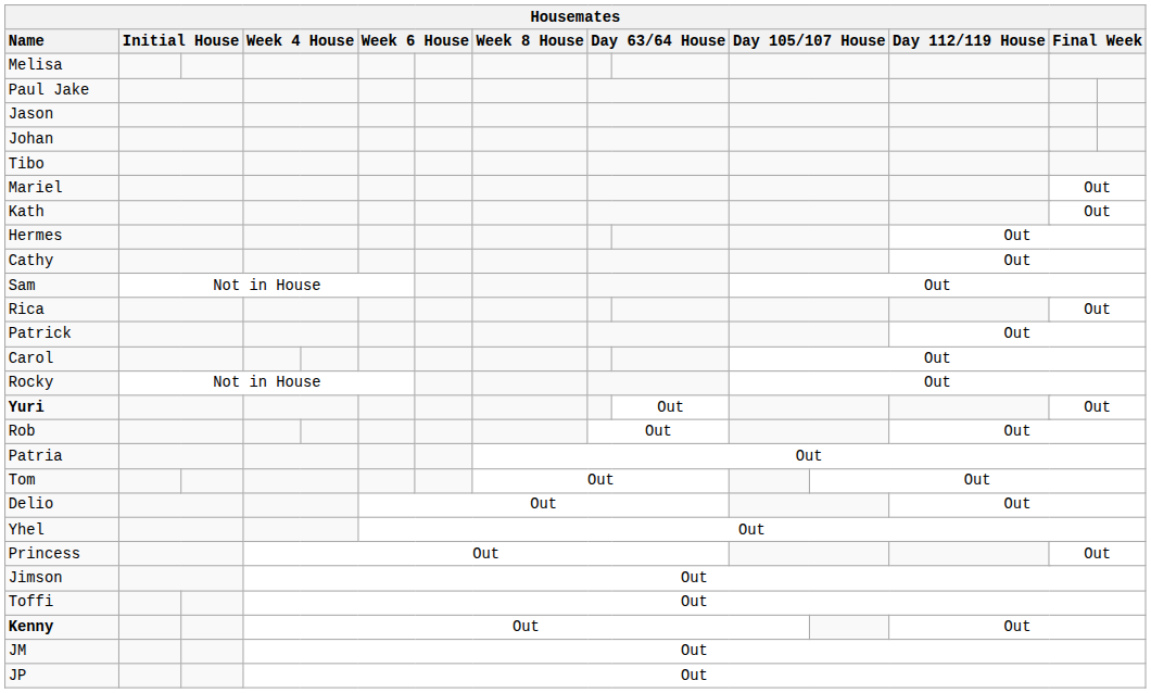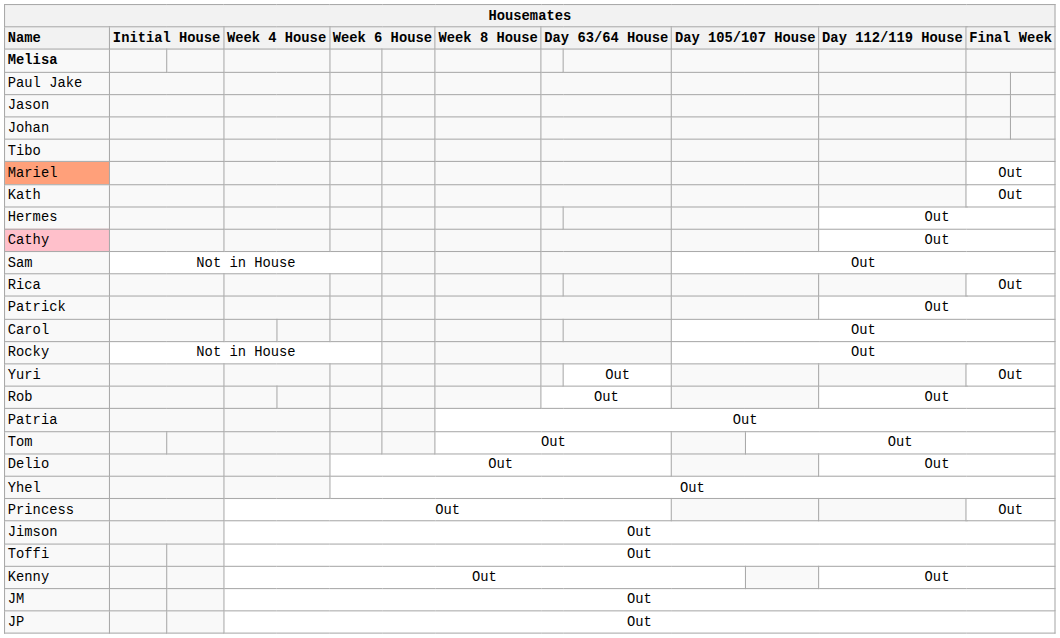 <table class="wikitable">
 <tr>
 <th colspan=16 class="unsortable">Housemates</th>
 </tr>
 <tr>
 <th style="text-align:left" width=10%>Name</th>
 <th style="text-align:center" colspan=2>Initial House</th>
 <th style="text-align:center" colspan=2>Week 4 House</th>
 <th style="text-align:center" colspan=2>Week 6 House</th>
 <th style="text-align:center">Week 8 House</th>
 <th style="text-align:center" colspan=2>Day 63/64 House</th>
 <th style="text-align:center" colspan=2>Day 105/107 House</th>
 <th style="text-align:center" colspan=2>Day 112/119 House</th>
 <th style="text-align:center" colspan=2>Final Week</th>
 </tr>
 <tr>
-<td>Melisa</td>
+<td><strong>Melisa</strong></td>
 <td align="center"></td>
 <td align="center"></td>
 <td align="center" colspan=2></td>
 <td align="center"></td>
 <td align="center"></td>
 <td align="center"></td>
 <td align="center"></td>
 <td align="center"></td>
 <td align="center" colspan=2></td>
 <td align="center" colspan=2></td>
 <td align="center" colspan=2></td>
 </tr>
 <tr>
 <td>Paul Jake</td>
 <td align="center" colspan=2></td>
 <td align="center" colspan=2></td>
 <td align="center"></td>
 <td align="center"></td>
 <td align="center"></td>
 <td align="center" colspan=2></td>
 <td align="center" colspan=2></td>
 <td align="center" colspan=2></td>
 <td align="center"></td>
 <td align="center"></td>
 </tr>
 <tr>
 <td>Jason</td>
 <td align="center" colspan=2></td>
 <td align="center" colspan=2></td>
 <td align="center"></td>
 <td align="center"></td>
 <td align="center"></td>
 <td align="center" colspan=2></td>
 <td align="center" colspan=2></td>
 <td align="center" colspan=2></td>
 <td align="center"></td>
 <td align="center"></td>
 </tr>
 <tr>
 <td>Johan</td>
 <td align="center" colspan=2></td>
 <td align="center" colspan=2></td>
 <td align="center"></td>
 <td align="center"></td>
 <td align="center"></td>
 <td align="center" colspan=2></td>
 <td align="center" colspan=2></td>
 <td align="center" colspan=2></td>
 <td align="center"></td>
 <td align="center"></td>
 </tr>
 <tr>
 <td>Tibo</td>
 <td align="center" colspan=2></td>
 <td align="center" colspan=2></td>
 <td align="center"></td>
 <td align="center"></td>
 <td align="center"></td>
 <td align="center" colspan=2></td>
 <td align="center" colspan=2></td>
 <td align="center" colspan=2></td>
 <td align="center" colspan=2></td>
 </tr>
 <tr>
-<td>Mariel</td>
+<td style="background: lightsalmon;">Mariel</td>
 <td align="center" colspan=2></td>
 <td align="center" colspan=2></td>
 <td align="center"></td>
 <td align="center"></td>
 <td align="center"></td>
 <td align="center" colspan=2></td>
 <td align="center" colspan=2></td>
 <td align="center" colspan=2></td>
 <td align="center" colspan=2 style="background:#fff;">Out</td>
 </tr>
 <tr>
 <td>Kath</td>
 <td align="center" colspan=2></td>
 <td align="center" colspan=2></td>
 <td align="center"></td>
 <td align="center"></td>
 <td align="center"></td>
 <td align="center" colspan=2></td>
 <td align="center" colspan=2></td>
 <td align="center" colspan=2></td>
 <td align="center" colspan=2 style="background:#fff;">Out</td>
 </tr>
 <tr>
 <td>Hermes</td>
 <td align="center" colspan=2></td>
 <td align="center" colspan=2></td>
 <td align="center"></td>
 <td align="center"></td>
 <td align="center"></td>
 <td align="center"></td>
 <td align="center"></td>
 <td align="center" colspan=2></td>
 <td align="center" colspan=4 style="background:#fff;">Out</td>
 </tr>
 <tr>
-<td>Cathy</td>
+<td style="background: pink;">Cathy</td>
 <td align="center" colspan=2></td>
 <td align="center" colspan=2></td>
 <td align="center"></td>
 <td align="center"></td>
 <td align="center"></td>
 <td align="center" colspan=2></td>
 <td align="center" colspan=2></td>
 <td align="center" colspan=4 style="background:#fff;">Out</td>
 </tr>
 <tr>
 <td>Sam</td>
 <td align="center" colspan=5 style="background:#fff;">Not in House</td>
 <td align="center"></td>
 <td align="center"></td>
 <td align="center" colspan=2></td>
 <td align="center" colspan=6 style="background:#fff;">Out</td>
 </tr>
 <tr>
 <td>Rica</td>
 <td align="center" colspan=2></td>
 <td align="center" colspan=2></td>
 <td align="center"></td>
 <td align="center"></td>
 <td align="center"></td>
 <td align="center"></td>
 <td align="center"></td>
 <td align="center" colspan=2></td>
 <td align="center" colspan=2></td>
 <td align="center" colspan=2 style="background:#fff;">Out</td>
 </tr>
 <tr>
 <td>Patrick</td>
 <td align="center" colspan=2></td>
 <td align="center" colspan=2></td>
 <td align="center"></td>
 <td align="center"></td>
 <td align="center"></td>
 <td align="center" colspan=2></td>
 <td align="center" colspan=2></td>
 <td align="center" colspan=4 style="background:#fff;">Out</td>
 </tr>
 <tr>
 <td>Carol</td>
 <td align="center" colspan=2></td>
 <td align="center"></td>
 <td align="center"></td>
 <td align="center"></td>
 <td align="center"></td>
 <td align="center"></td>
 <td align="center"></td>
 <td align="center"></td>
 <td align="center" colspan=6 style="background:#fff;">Out</td>
 </tr>
 <tr>
 <td>Rocky</td>
 <td align="center" colspan=5 style="background:#fff;">Not in House</td>
 <td align="center"></td>
 <td align="center"></td>
 <td align="center" colspan=2></td>
 <td align="center" colspan=6 style="background:#fff;">Out</td>
 </tr>
 <tr>
-<td><strong>Yuri</strong></td>
+<td>Yuri</td>
 <td align="center" colspan=2></td>
 <td align="center" colspan=2></td>
 <td align="center"></td>
 <td align="center"></td>
 <td align="center"></td>
 <td align="center"></td>
 <td align="center" colspan=1 style="background:#fff;">Out</td>
 <td align="center" colspan=2></td>
 <td align="center" colspan=2></td>
 <td align="center" colspan=2 style="background:#fff;">Out</td>
 </tr>
 <tr>
 <td>Rob</td>
 <td align="center" colspan=2></td>
 <td align="center"></td>
 <td align="center"></td>
 <td align="center"></td>
 <td align="center"></td>
 <td align="center"></td>
 <td align="center" colspan=2 style="background:#fff;">Out</td>
 <td align="center" colspan=2></td>
 <td align="center" colspan=4 style="background:#fff;">Out</td>
 </tr>
 <tr>
 <td>Patria</td>
 <td align="center" colspan=2></td>
 <td align="center" colspan=2></td>
 <td align="center"></td>
 <td align="center"></td>
 <td align="center" colspan=9 style="background:#fff;">Out</td>
 </tr>
 <tr>
 <td>Tom</td>
 <td align="center"></td>
 <td align="center"></td>
 <td align="center" colspan=2></td>
 <td align="center"></td>
 <td align="center"></td>
 <td align="center" colspan=3 style="background:#fff;">Out</td>
 <td align="center"></td>
 <td align="center" colspan=5 style="background:#fff;">Out</td>
 </tr>
 <tr>
 <td>Delio</td>
 <td align="center" colspan=2></td>
 <td align="center" colspan=2></td>
 <td align="center" colspan=5 style="background:#fff;">Out</td>
 <td align="center" colspan=2></td>
 <td align="center" colspan=4 style="background:#fff;">Out</td>
 </tr>
 <tr>
 <td>Yhel</td>
 <td align="center" colspan=2></td>
 <td align="center" colspan=2></td>
 <td align="center" colspan=11 style="background:#fff;">Out</td>
 </tr>
 <tr>
 <td>Princess</td>
 <td align="center" colspan=2></td>
 <td align="center" colspan=7 style="background:#fff;">Out</td>
 <td align="center" colspan=2></td>
 <td align="center" colspan=2></td>
 <td align="center" colspan=2 style="background:#fff;">Out</td>
 </tr>
 <tr>
 <td>Jimson</td>
 <td align="center" colspan=2></td>
 <td align="center" colspan=13 style="background:#fff;">Out</td>
 </tr>
 <tr>
 <td>Toffi</td>
 <td align="center"></td>
 <td align="center"></td>
 <td align="center" colspan=13 style="background:#fff;">Out</td>
 </tr>
 <tr>
-<td><strong>Kenny</strong></td>
+<td>Kenny</td>
 <td align="center"></td>
 <td align="center"></td>
 <td align="center" colspan=8 style="background:#fff;">Out</td>
 <td align="center"></td>
 <td align="center"  colspan=4 style="background:#fff;">Out</td>
 </tr>
 <tr>
 <td>JM</td>
 <td align="center"></td>
 <td align="center"></td>
 <td align="center" colspan=13 style="background:#fff;">Out</td>
 </tr>
 <tr>
 <td>JP</td>
 <td align="center"></td>
 <td align="center"></td>
 <td align="center" colspan=13 style="background:#fff;">Out</td>
 </tr>
 </table>
